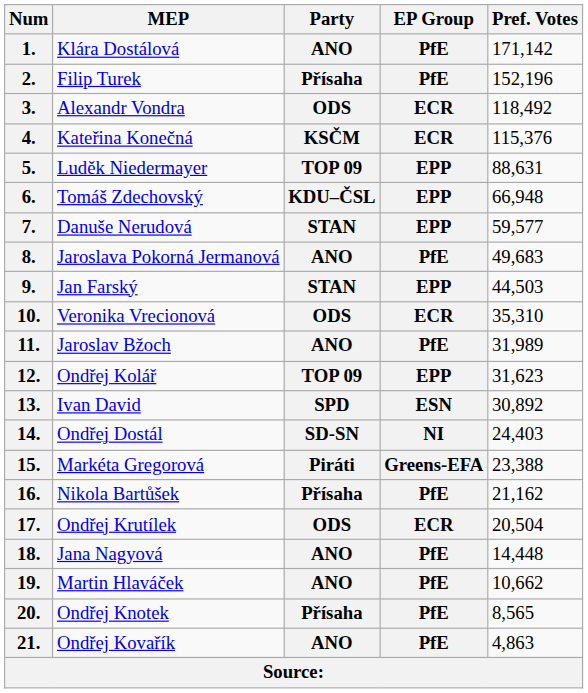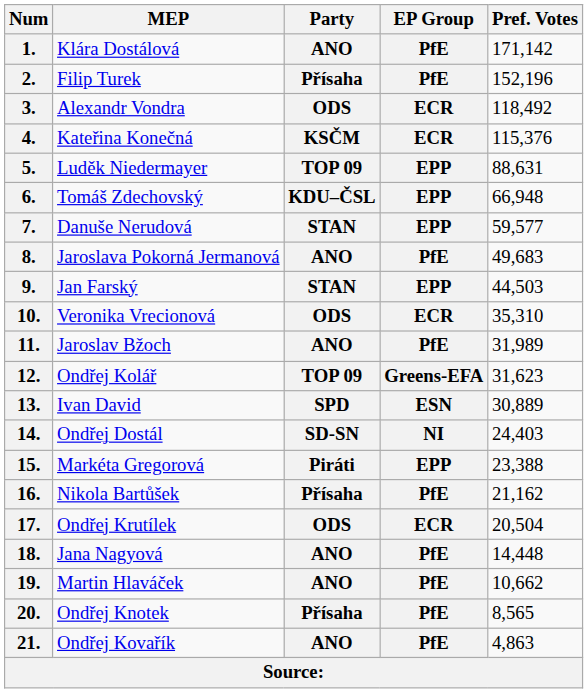 <table class="wikitable mw-collapsible">
 <tr>
 <th>Num</th>
 <th>MEP</th>
 <th>Party</th>
 <th>EP Group</th>
 <th>Pref. Votes</th>
 </tr>
 <tr>
 <th>1.</th>
 <td><a href='#'>Klára Dostálová</a></td>
 <th style="background-color:">ANO</th>
 <th style="background-color:">PfE</th>
 <td>171,142</td>
 </tr>
 <tr>
 <th>2.</th>
 <td><a href='#'>Filip Turek</a></td>
 <th style="background-color:">Přísaha</th>
 <th style="background-color:">PfE</th>
 <td>152,196</td>
 </tr>
 <tr>
 <th>3.</th>
 <td><a href='#'>Alexandr Vondra</a></td>
 <th style="background-color:">ODS</th>
 <th style="background-color:">ECR</th>
 <td>118,492</td>
 </tr>
 <tr>
 <th>4.</th>
 <td><a href='#'>Kateřina Konečná</a></td>
 <th style="background-color:">KSČM</th>
 <th style="background-color:">ECR</th>
 <td>115,376</td>
 </tr>
 <tr>
 <th>5.</th>
 <td><a href='#'>Luděk Niedermayer</a></td>
 <th style="background-color:">TOP 09</th>
 <th style="background-color:">EPP</th>
 <td>88,631</td>
 </tr>
 <tr>
 <th>6.</th>
 <td><a href='#'>Tomáš Zdechovský</a></td>
 <th style="background-color:">KDU–ČSL</th>
 <th style="background-color:">EPP</th>
 <td>66,948</td>
 </tr>
 <tr>
 <th>7.</th>
 <td><a href='#'>Danuše Nerudová</a></td>
 <th style="background-color:">STAN</th>
 <th style="background-color:">EPP</th>
 <td>59,577</td>
 </tr>
 <tr>
 <th>8.</th>
 <td><a href='#'>Jaroslava Pokorná Jermanová</a></td>
 <th style="background-color:">ANO</th>
 <th style="background-color:">PfE</th>
 <td>49,683</td>
 </tr>
 <tr>
 <th>9.</th>
 <td><a href='#'>Jan Farský</a></td>
 <th style="background-color:">STAN</th>
 <th style="background-color:">EPP</th>
 <td>44,503</td>
 </tr>
 <tr>
 <th>10.</th>
 <td><a href='#'>Veronika Vrecionová</a></td>
 <th style="background-color:">ODS</th>
 <th style="background-color:">ECR</th>
 <td>35,310</td>
 </tr>
 <tr>
 <th>11.</th>
 <td><a href='#'>Jaroslav Bžoch</a></td>
 <th style="background-color:">ANO</th>
 <th style="background-color:">PfE</th>
 <td>31,989</td>
 </tr>
 <tr>
 <th>12.</th>
 <td><a href='#'>Ondřej Kolář</a></td>
 <th style="background-color:">TOP 09</th>
-<th style="background-color:">EPP</th>
+<th style="background-color:">Greens-EFA</th>
 <td>31,623</td>
 </tr>
 <tr>
 <th>13.</th>
 <td><a href='#'>Ivan David</a></td>
 <th style="background-color:">SPD</th>
 <th style="background-color:">ESN</th>
-<td>30,892</td>
+<td>30,889</td>
 </tr>
 <tr>
 <th>14.</th>
 <td><a href='#'>Ondřej Dostál</a></td>
 <th style="background-color:">SD-SN</th>
 <th style="background-color:">NI</th>
 <td>24,403</td>
 </tr>
 <tr>
 <th>15.</th>
 <td><a href='#'>Markéta Gregorová</a></td>
 <th style="background-color:">Piráti</th>
-<th style="background-color:">Greens-EFA</th>
+<th style="background-color:">EPP</th>
 <td>23,388</td>
 </tr>
 <tr>
 <th>16.</th>
 <td><a href='#'>Nikola Bartůšek</a></td>
 <th style="background-color:">Přísaha</th>
 <th style="background-color:">PfE</th>
 <td>21,162</td>
 </tr>
 <tr>
 <th>17.</th>
 <td><a href='#'>Ondřej Krutílek</a></td>
 <th style="background-color:">ODS</th>
 <th style="background-color:">ECR</th>
 <td>20,504</td>
 </tr>
 <tr>
 <th>18.</th>
 <td><a href='#'>Jana Nagyová</a></td>
 <th style="background-color:">ANO</th>
 <th style="background-color:">PfE</th>
 <td>14,448</td>
 </tr>
 <tr>
 <th>19.</th>
 <td><a href='#'>Martin Hlaváček</a></td>
 <th style="background-color:">ANO</th>
 <th style="background-color:">PfE</th>
 <td>10,662</td>
 </tr>
 <tr>
 <th>20.</th>
 <td><a href='#'>Ondřej Knotek</a></td>
 <th style="background-color:">Přísaha</th>
 <th style="background-color:">PfE</th>
 <td>8,565</td>
 </tr>
 <tr>
 <th>21.</th>
 <td><a href='#'>Ondřej Kovařík</a></td>
 <th style="background-color:">ANO</th>
 <th style="background-color:">PfE</th>
 <td>4,863</td>
 </tr>
 <tr>
 <th colspan="7">Source:</th>
 </tr>
 </table>
